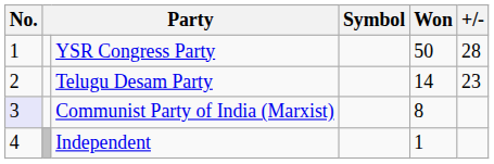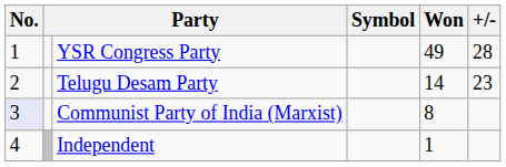 <table class="sortable wikitable">
 <tr>
 <th>No.</th>
 <th colspan="2">Party</th>
 <th>Symbol</th>
 <th>Won</th>
 <th>+/-</th>
 </tr>
 <tr>
 <td>1</td>
 <td></td>
 <td><a href='#'>YSR Congress Party</a></td>
 <td></td>
-<td>50</td>
+<td>49</td>
 <td> 28</td>
 </tr>
 <tr>
 <td>2</td>
 <td></td>
 <td><a href='#'>Telugu Desam Party</a></td>
 <td></td>
 <td>14</td>
 <td> 23</td>
 </tr>
 <tr>
 <td style="background: lavender;">3</td>
 <td></td>
 <td><a href='#'>Communist Party of India (Marxist)</a></td>
 <td></td>
 <td>8</td>
 <td></td>
 </tr>
 <tr>
 <td>4</td>
 <td bgcolor="#C1C1C1"></td>
 <td><a href='#'>Independent</a></td>
 <td></td>
 <td>1</td>
 <td></td>
 </tr>
 </table>
